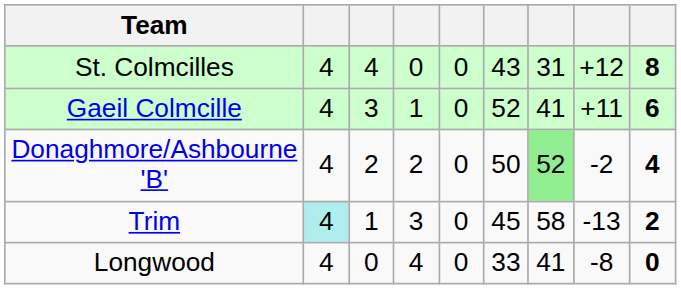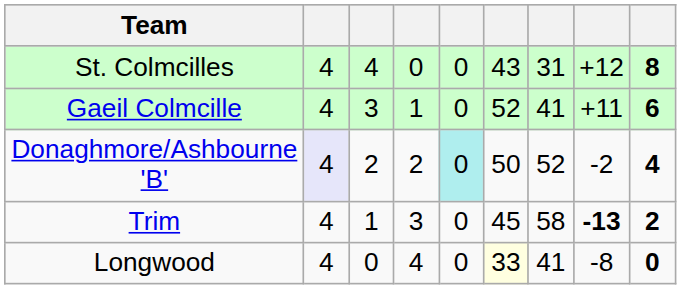 <table class="wikitable" style="text-align:center">
 <tr>
 <th style="width:175px;">Team</th>
 <th width="20"></th>
 <th width="20"></th>
 <th width="20"></th>
 <th width="20"></th>
 <th width="20"></th>
 <th width="20"></th>
 <th width="20"></th>
 <th width="20"></th>
 </tr>
 <tr style="background:#cfc;">
 <td>St. Colmcilles</td>
 <td>4</td>
 <td>4</td>
 <td>0</td>
 <td>0</td>
 <td>43</td>
 <td>31</td>
 <td>+12</td>
 <td><strong>8</strong></td>
 </tr>
 <tr style="background:#cfc;">
 <td><a href='#'>Gaeil Colmcille</a></td>
 <td>4</td>
 <td>3</td>
 <td>1</td>
 <td>0</td>
 <td>52</td>
 <td>41</td>
 <td>+11</td>
 <td><strong>6</strong></td>
 </tr>
 <tr>
 <td><a href='#'>Donaghmore/Ashbourne 'B'</a></td>
-<td>4</td>
+<td style="background: lavender;">4</td>
 <td>2</td>
 <td>2</td>
-<td>0</td>
+<td style="background: paleturquoise;">0</td>
 <td>50</td>
-<td style="background: lightgreen;">52</td>
+<td>52</td>
 <td>-2</td>
 <td><strong>4</strong></td>
 </tr>
 <tr>
 <td><a href='#'>Trim</a></td>
-<td style="background: paleturquoise;">4</td>
+<td>4</td>
 <td>1</td>
 <td>3</td>
 <td>0</td>
 <td>45</td>
 <td>58</td>
-<td>-13</td>
+<td><strong>-13</strong></td>
 <td><strong>2</strong></td>
 </tr>
 <tr>
 <td>Longwood</td>
 <td>4</td>
 <td>0</td>
 <td>4</td>
 <td>0</td>
-<td>33</td>
+<td style="background: lightyellow;">33</td>
 <td>41</td>
 <td>-8</td>
 <td><strong>0</strong></td>
 </tr>
 </table>
